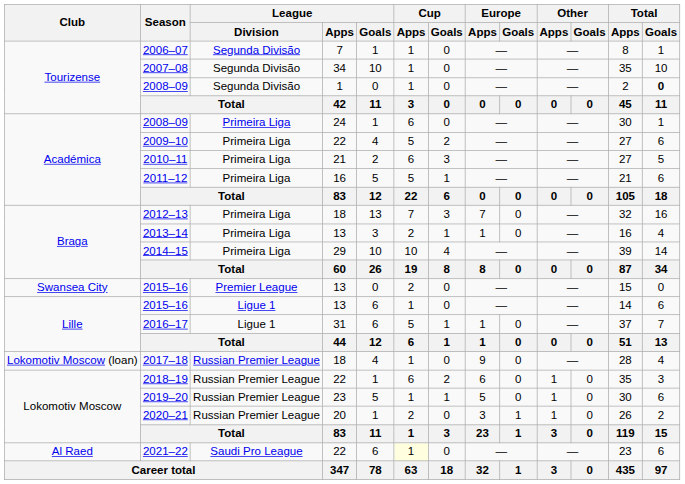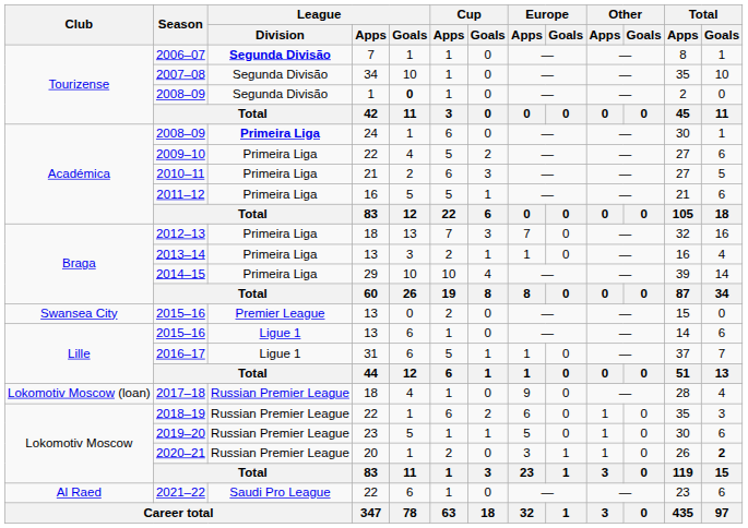 <table class="wikitable" style="text-align: center;">
 <tr>
 <th rowspan="2">Club</th>
 <th rowspan="2">Season</th>
 <th colspan="3">League</th>
 <th colspan="2">Cup</th>
 <th colspan="2">Europe</th>
 <th colspan="2">Other</th>
 <th colspan="2">Total</th>
 </tr>
 <tr>
 <th>Division</th>
 <th>Apps</th>
 <th>Goals</th>
 <th>Apps</th>
 <th>Goals</th>
 <th>Apps</th>
 <th>Goals</th>
 <th>Apps</th>
 <th>Goals</th>
 <th>Apps</th>
 <th>Goals</th>
 </tr>
 <tr>
 <td rowspan="4"><a href='#'>Tourizense</a></td>
 <td><a href='#'>2006–07</a></td>
-<td><a href='#'>Segunda Divisão</a></td>
+<td><strong><a href='#'>Segunda Divisão</a></strong></td>
 <td>7</td>
 <td>1</td>
 <td>1</td>
 <td>0</td>
 <td colspan="2">—</td>
 <td colspan="2">—</td>
 <td>8</td>
 <td>1</td>
 </tr>
 <tr>
 <td><a href='#'>2007–08</a></td>
 <td>Segunda Divisão</td>
 <td>34</td>
 <td>10</td>
 <td>1</td>
 <td>0</td>
 <td colspan="2">—</td>
 <td colspan="2">—</td>
 <td>35</td>
 <td>10</td>
 </tr>
 <tr>
 <td><a href='#'>2008–09</a></td>
 <td>Segunda Divisão</td>
 <td>1</td>
-<td>0</td>
+<td><strong>0</strong></td>
 <td>1</td>
 <td>0</td>
 <td colspan="2">—</td>
 <td colspan="2">—</td>
 <td>2</td>
-<td><strong>0</strong></td>
+<td>0</td>
 </tr>
 <tr>
 <th colspan="2">Total</th>
 <th>42</th>
 <th>11</th>
 <th>3</th>
 <th>0</th>
 <th>0</th>
 <th>0</th>
 <th>0</th>
 <th>0</th>
 <th>45</th>
 <th>11</th>
 </tr>
 <tr>
 <td rowspan="5"><a href='#'>Académica</a></td>
 <td><a href='#'>2008–09</a></td>
-<td><a href='#'>Primeira Liga</a></td>
+<td><strong><a href='#'>Primeira Liga</a></strong></td>
 <td>24</td>
 <td>1</td>
 <td>6</td>
 <td>0</td>
 <td colspan="2">—</td>
 <td colspan="2">—</td>
 <td>30</td>
 <td>1</td>
 </tr>
 <tr>
 <td><a href='#'>2009–10</a></td>
 <td>Primeira Liga</td>
 <td>22</td>
 <td>4</td>
 <td>5</td>
 <td>2</td>
 <td colspan="2">—</td>
 <td colspan="2">—</td>
 <td>27</td>
 <td>6</td>
 </tr>
 <tr>
 <td><a href='#'>2010–11</a></td>
 <td>Primeira Liga</td>
 <td>21</td>
 <td>2</td>
 <td>6</td>
 <td>3</td>
 <td colspan="2">—</td>
 <td colspan="2">—</td>
 <td>27</td>
 <td>5</td>
 </tr>
 <tr>
 <td><a href='#'>2011–12</a></td>
 <td>Primeira Liga</td>
 <td>16</td>
 <td>5</td>
 <td>5</td>
 <td>1</td>
 <td colspan="2">—</td>
 <td colspan="2">—</td>
 <td>21</td>
 <td>6</td>
 </tr>
 <tr>
 <th colspan="2">Total</th>
 <th>83</th>
 <th>12</th>
 <th>22</th>
 <th>6</th>
 <th>0</th>
 <th>0</th>
 <th>0</th>
 <th>0</th>
 <th>105</th>
 <th>18</th>
 </tr>
 <tr>
 <td rowspan="4"><a href='#'>Braga</a></td>
 <td><a href='#'>2012–13</a></td>
 <td>Primeira Liga</td>
 <td>18</td>
 <td>13</td>
 <td>7</td>
 <td>3</td>
 <td>7</td>
 <td>0</td>
 <td colspan="2">—</td>
 <td>32</td>
 <td>16</td>
 </tr>
 <tr>
 <td><a href='#'>2013–14</a></td>
 <td>Primeira Liga</td>
 <td>13</td>
 <td>3</td>
 <td>2</td>
 <td>1</td>
 <td>1</td>
 <td>0</td>
 <td colspan="2">—</td>
 <td>16</td>
 <td>4</td>
 </tr>
 <tr>
 <td><a href='#'>2014–15</a></td>
 <td>Primeira Liga</td>
 <td>29</td>
 <td>10</td>
 <td>10</td>
 <td>4</td>
 <td colspan="2">—</td>
 <td colspan="2">—</td>
 <td>39</td>
 <td>14</td>
 </tr>
 <tr>
 <th colspan="2">Total</th>
 <th>60</th>
 <th>26</th>
 <th>19</th>
 <th>8</th>
 <th>8</th>
 <th>0</th>
 <th>0</th>
 <th>0</th>
 <th>87</th>
 <th>34</th>
 </tr>
 <tr>
 <td><a href='#'>Swansea City</a></td>
 <td><a href='#'>2015–16</a></td>
 <td><a href='#'>Premier League</a></td>
 <td>13</td>
 <td>0</td>
 <td>2</td>
 <td>0</td>
 <td colspan="2">—</td>
 <td colspan="2">—</td>
 <td>15</td>
 <td>0</td>
 </tr>
 <tr>
 <td rowspan="3"><a href='#'>Lille</a></td>
 <td><a href='#'>2015–16</a></td>
 <td><a href='#'>Ligue 1</a></td>
 <td>13</td>
 <td>6</td>
 <td>1</td>
 <td>0</td>
 <td colspan="2">—</td>
 <td colspan="2">—</td>
 <td>14</td>
 <td>6</td>
 </tr>
 <tr>
 <td><a href='#'>2016–17</a></td>
 <td>Ligue 1</td>
 <td>31</td>
 <td>6</td>
 <td>5</td>
 <td>1</td>
 <td>1</td>
 <td>0</td>
 <td colspan="2">—</td>
 <td>37</td>
 <td>7</td>
 </tr>
 <tr>
 <th colspan="2">Total</th>
 <th>44</th>
 <th>12</th>
 <th>6</th>
 <th>1</th>
 <th>1</th>
 <th>0</th>
 <th>0</th>
 <th>0</th>
 <th>51</th>
 <th>13</th>
 </tr>
 <tr>
 <td><a href='#'>Lokomotiv Moscow</a> (loan)</td>
 <td><a href='#'>2017–18</a></td>
 <td><a href='#'>Russian Premier League</a></td>
 <td>18</td>
 <td>4</td>
 <td>1</td>
 <td>0</td>
 <td>9</td>
 <td>0</td>
 <td colspan="2">—</td>
 <td>28</td>
 <td>4</td>
 </tr>
 <tr>
 <td rowspan="4">Lokomotiv Moscow</td>
 <td><a href='#'>2018–19</a></td>
 <td>Russian Premier League</td>
 <td>22</td>
 <td>1</td>
 <td>6</td>
 <td>2</td>
 <td>6</td>
 <td>0</td>
 <td>1</td>
 <td>0</td>
 <td>35</td>
 <td>3</td>
 </tr>
 <tr>
 <td><a href='#'>2019–20</a></td>
 <td>Russian Premier League</td>
 <td>23</td>
 <td>5</td>
 <td>1</td>
 <td>1</td>
 <td>5</td>
 <td>0</td>
 <td>1</td>
 <td>0</td>
 <td>30</td>
 <td>6</td>
 </tr>
 <tr>
 <td><a href='#'>2020–21</a></td>
 <td>Russian Premier League</td>
 <td>20</td>
 <td>1</td>
 <td>2</td>
 <td>0</td>
 <td>3</td>
 <td>1</td>
 <td>1</td>
 <td>0</td>
 <td>26</td>
-<td>2</td>
+<td><strong>2</strong></td>
 </tr>
 <tr>
 <th colspan="2">Total</th>
 <th>83</th>
 <th>11</th>
 <th>1</th>
 <th>3</th>
 <th>23</th>
 <th>1</th>
 <th>3</th>
 <th>0</th>
 <th>119</th>
 <th>15</th>
 </tr>
 <tr>
 <td><a href='#'>Al Raed</a></td>
 <td><a href='#'>2021–22</a></td>
 <td><a href='#'>Saudi Pro League</a></td>
 <td>22</td>
 <td>6</td>
-<td style="background: lightyellow;">1</td>
+<td>1</td>
 <td>0</td>
 <td colspan="2">—</td>
 <td colspan="2">—</td>
 <td>23</td>
 <td>6</td>
 </tr>
 <tr>
 <th colspan="3">Career total</th>
 <th>347</th>
 <th>78</th>
 <th>63</th>
 <th>18</th>
 <th>32</th>
 <th>1</th>
 <th>3</th>
 <th>0</th>
 <th>435</th>
 <th>97</th>
 </tr>
 </table>
